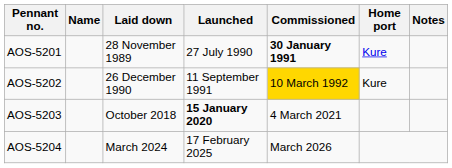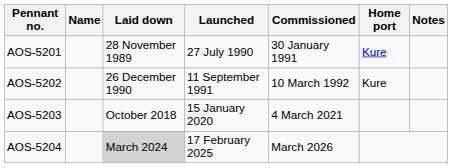 <table class=wikitable>
 <tr>
 <th>Pennant no.</th>
 <th>Name</th>
 <th>Laid down</th>
 <th>Launched</th>
 <th>Commissioned</th>
 <th>Home port</th>
 <th>Notes</th>
 </tr>
 <tr>
 <td>AOS-5201</td>
 <td></td>
 <td>28 November 1989</td>
 <td>27 July 1990</td>
-<td><strong>30 January 1991</strong></td>
+<td>30 January 1991</td>
 <td><a href='#'>Kure</a></td>
 <td></td>
 </tr>
 <tr>
 <td>AOS-5202</td>
 <td></td>
 <td>26 December 1990</td>
 <td>11 September 1991</td>
-<td style="background: gold;">10 March 1992</td>
+<td>10 March 1992</td>
 <td>Kure</td>
 <td></td>
 </tr>
 <tr>
 <td>AOS-5203</td>
 <td></td>
 <td>October 2018</td>
-<td><strong>15 January 2020</strong></td>
+<td>15 January 2020</td>
 <td>4 March 2021</td>
 <td></td>
 <td></td>
 </tr>
 <tr>
 <td>AOS-5204</td>
 <td></td>
-<td>March 2024</td>
+<td style="background: lightgrey;">March 2024</td>
 <td>17 February 2025</td>
 <td>March 2026</td>
 </tr>
 </table>
